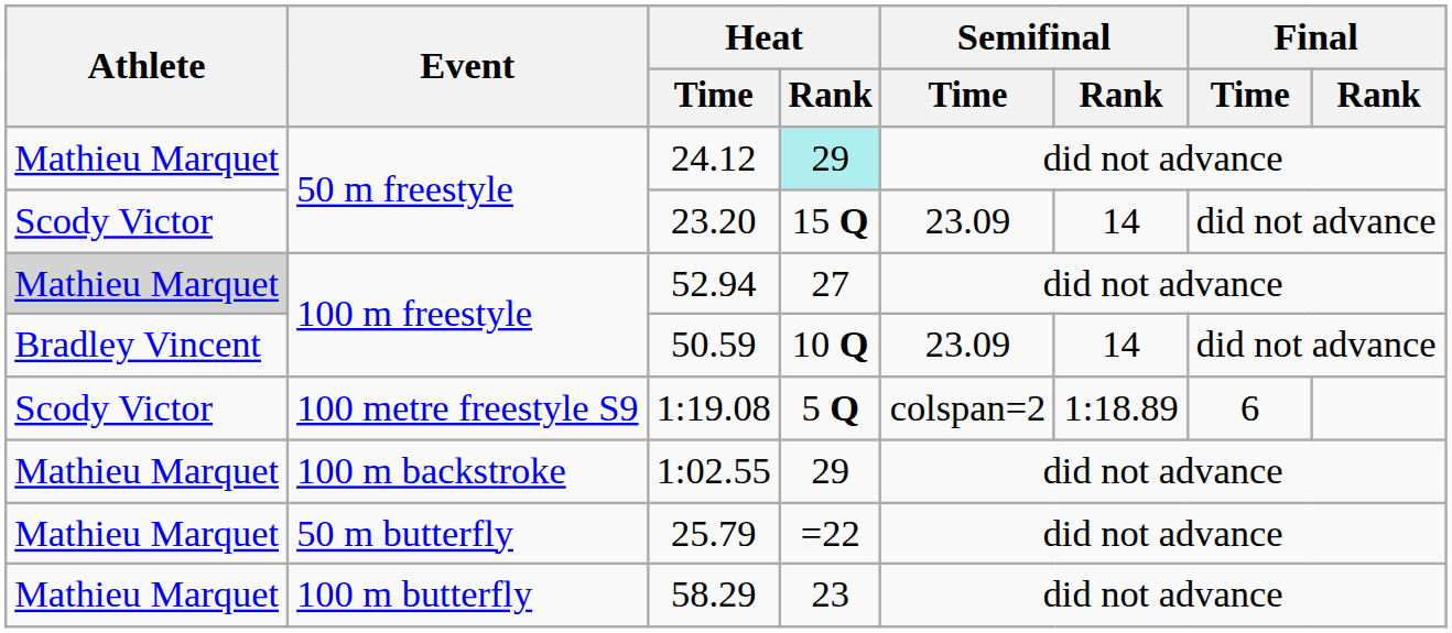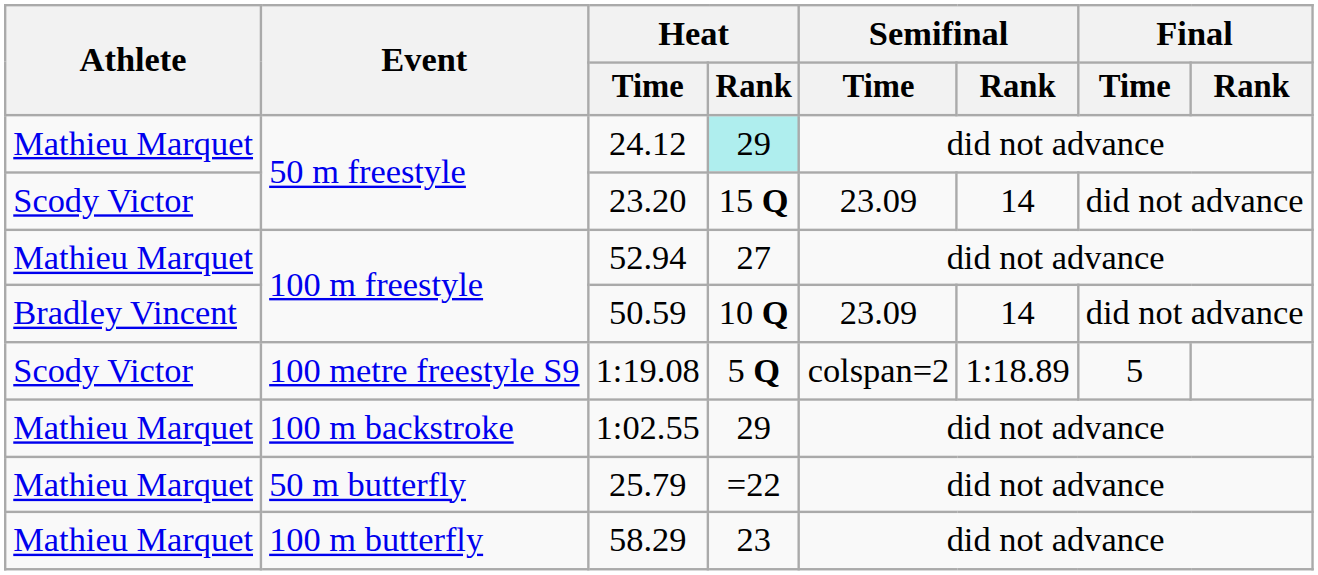 <table class=wikitable style="font-size:90%">
 <tr>
 <th rowspan=2>Athlete</th>
 <th rowspan=2>Event</th>
 <th colspan="2">Heat</th>
 <th colspan="2">Semifinal</th>
 <th colspan="2">Final</th>
 </tr>
 <tr style="font-size:95%">
 <th>Time</th>
 <th>Rank</th>
 <th>Time</th>
 <th>Rank</th>
 <th>Time</th>
 <th>Rank</th>
 </tr>
 <tr align=center>
 <td align=left><a href='#'>Mathieu Marquet</a></td>
 <td align=left rowspan=2><a href='#'>50 m freestyle</a></td>
 <td>24.12</td>
 <td style="background: paleturquoise;">29</td>
 <td colspan=4>did not advance</td>
 </tr>
 <tr align=center>
 <td align=left><a href='#'>Scody Victor</a></td>
 <td>23.20</td>
 <td>15 <strong>Q</strong></td>
 <td>23.09</td>
 <td>14</td>
 <td colspan=2>did not advance</td>
 </tr>
 <tr align=center>
-<td align=left style="background: lightgrey;"><a href='#'>Mathieu Marquet</a></td>
+<td align=left><a href='#'>Mathieu Marquet</a></td>
 <td align=left rowspan=2><a href='#'>100 m freestyle</a></td>
 <td>52.94</td>
 <td>27</td>
 <td colspan=4>did not advance</td>
 </tr>
 <tr align=center>
 <td align=left><a href='#'>Bradley Vincent</a></td>
 <td>50.59</td>
 <td>10 <strong>Q</strong></td>
 <td>23.09</td>
 <td>14</td>
 <td colspan=2>did not advance</td>
 </tr>
 <tr align=center>
 <td align=left><a href='#'>Scody Victor</a></td>
 <td align=left><a href='#'>100 metre freestyle S9</a></td>
 <td>1:19.08</td>
 <td>5 <strong>Q</strong></td>
 <td>colspan=2 </td>
 <td>1:18.89</td>
-<td>6</td>
+<td>5</td>
 </tr>
 <tr align=center>
 <td align=left><a href='#'>Mathieu Marquet</a></td>
 <td align=left><a href='#'>100 m backstroke</a></td>
 <td>1:02.55</td>
 <td>29</td>
 <td colspan=4>did not advance</td>
 </tr>
 <tr align=center>
 <td align=left><a href='#'>Mathieu Marquet</a></td>
 <td align=left><a href='#'>50 m butterfly</a></td>
 <td>25.79</td>
 <td>=22</td>
 <td colspan=4>did not advance</td>
 </tr>
 <tr align=center>
 <td align=left><a href='#'>Mathieu Marquet</a></td>
 <td align=left><a href='#'>100 m butterfly</a></td>
 <td>58.29</td>
 <td>23</td>
 <td colspan=4>did not advance</td>
 </tr>
 </table>
